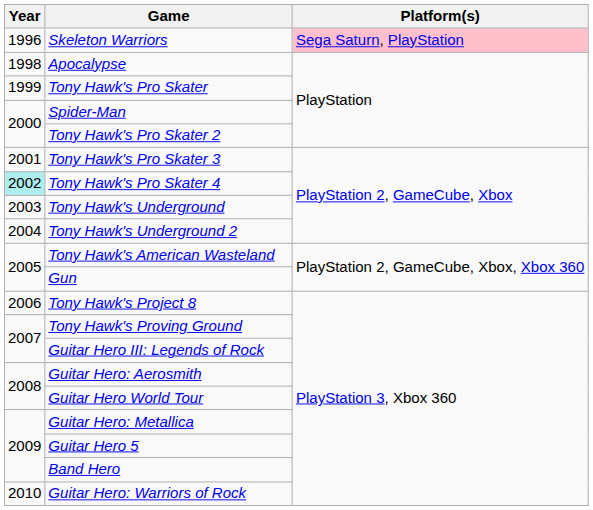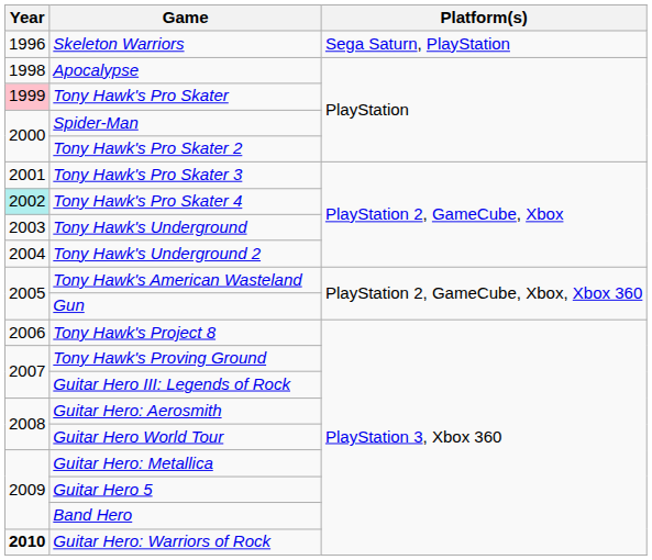 <table class="wikitable sortable">
 <tr>
 <th>Year</th>
 <th>Game</th>
 <th>Platform(s)</th>
 </tr>
 <tr>
 <td>1996</td>
 <td style="width:16em;"><em><a href='#'>Skeleton Warriors</a></em></td>
-<td style="background: pink;"><a href='#'>Sega Saturn</a>, <a href='#'>PlayStation</a></td>
+<td><a href='#'>Sega Saturn</a>, <a href='#'>PlayStation</a></td>
 </tr>
 <tr>
 <td>1998</td>
 <td><em><a href='#'>Apocalypse</a></em></td>
 <td rowspan="4">PlayStation</td>
 </tr>
 <tr>
-<td>1999</td>
+<td style="background: pink;">1999</td>
 <td><em><a href='#'>Tony Hawk's Pro Skater</a></em></td>
 </tr>
 <tr>
 <td rowspan="2">2000</td>
 <td><em><a href='#'>Spider-Man</a></em></td>
 </tr>
 <tr>
 <td><em><a href='#'>Tony Hawk's Pro Skater 2</a></em></td>
 </tr>
 <tr>
 <td>2001</td>
 <td><em><a href='#'>Tony Hawk's Pro Skater 3</a></em></td>
 <td rowspan="4"><a href='#'>PlayStation 2</a>, <a href='#'>GameCube</a>, <a href='#'>Xbox</a></td>
 </tr>
 <tr>
 <td style="background: paleturquoise;">2002</td>
 <td><em><a href='#'>Tony Hawk's Pro Skater 4</a></em></td>
 </tr>
 <tr>
 <td>2003</td>
 <td><em><a href='#'>Tony Hawk's Underground</a></em></td>
 </tr>
 <tr>
 <td>2004</td>
 <td><em><a href='#'>Tony Hawk's Underground 2</a></em></td>
 </tr>
 <tr>
 <td rowspan="2">2005</td>
 <td><em><a href='#'>Tony Hawk's American Wasteland</a></em></td>
 <td rowspan="2">PlayStation 2, GameCube, Xbox, <a href='#'>Xbox 360</a></td>
 </tr>
 <tr>
 <td><em><a href='#'>Gun</a></em></td>
 </tr>
 <tr>
 <td>2006</td>
 <td><em><a href='#'>Tony Hawk's Project 8</a></em></td>
 <td rowspan="9"><a href='#'>PlayStation 3</a>, Xbox 360</td>
 </tr>
 <tr>
 <td rowspan="2">2007</td>
 <td><em><a href='#'>Tony Hawk's Proving Ground</a></em></td>
 </tr>
 <tr>
 <td><em><a href='#'>Guitar Hero III: Legends of Rock</a></em></td>
 </tr>
 <tr>
 <td rowspan="2">2008</td>
 <td><em><a href='#'>Guitar Hero: Aerosmith</a></em></td>
 </tr>
 <tr>
 <td><em><a href='#'>Guitar Hero World Tour</a></em></td>
 </tr>
 <tr>
 <td rowspan="3">2009</td>
 <td><em><a href='#'>Guitar Hero: Metallica</a></em></td>
 </tr>
 <tr>
 <td><em><a href='#'>Guitar Hero 5</a></em></td>
 </tr>
 <tr>
 <td><em><a href='#'>Band Hero</a></em></td>
 </tr>
 <tr>
-<td>2010</td>
+<td><strong>2010</strong></td>
 <td><em><a href='#'>Guitar Hero: Warriors of Rock</a></em></td>
 </tr>
 </table>
